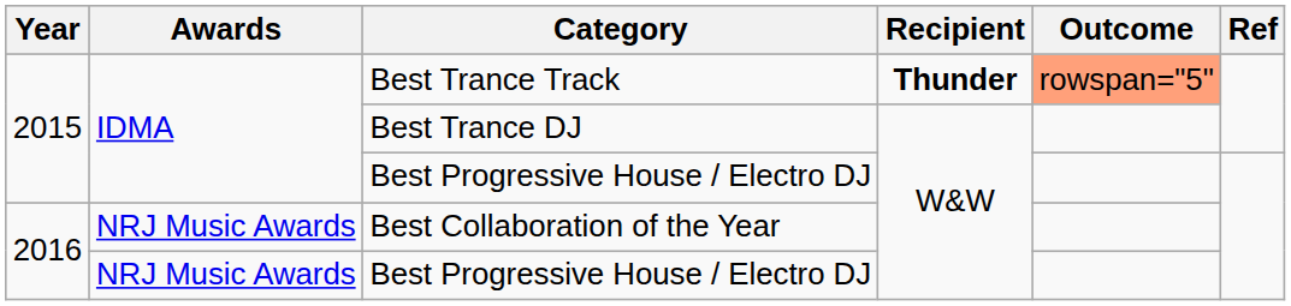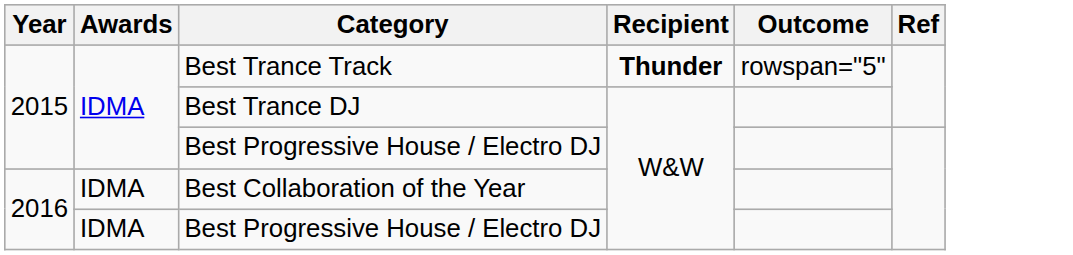 <table class="wikitable sortable">
 <tr>
 <th>Year</th>
 <th>Awards</th>
 <th>Category</th>
 <th>Recipient</th>
 <th>Outcome</th>
 <th>Ref</th>
 </tr>
 <tr>
 <td rowspan="3">2015</td>
 <td rowspan="3"><a href='#'>IDMA</a></td>
 <td>Best Trance Track</td>
 <td style="text-align:center;"><strong>Thunder</strong></td>
-<td style="background: lightsalmon;">rowspan="5" </td>
+<td>rowspan="5" </td>
 <td rowspan="2"></td>
 </tr>
 <tr>
 <td>Best Trance DJ</td>
 <td rowspan="4" style="text-align:center;">W&W</td>
 </tr>
 <tr>
 <td>Best Progressive House / Electro DJ</td>
 <td></td>
 </tr>
 <tr>
 <td rowspan="2">2016</td>
-<td><a href='#'>NRJ Music Awards</a></td>
+<td>IDMA</td>
 <td>Best Collaboration of the Year</td>
 <td></td>
 </tr>
 <tr>
-<td><a href='#'>NRJ Music Awards</a></td>
+<td>IDMA</td>
 <td>Best Progressive House / Electro DJ</td>
 <td></td>
 </tr>
 </table>
